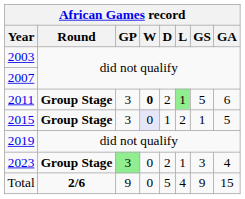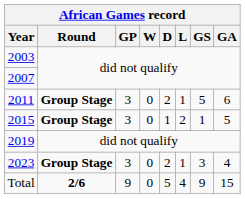 <table class="wikitable" style="text-align: center;">
 <tr>
 <th colspan=8><a href='#'>African Games</a> record</th>
 </tr>
 <tr>
 <th>Year</th>
 <th>Round</th>
 <th>GP</th>
 <th>W</th>
 <th>D</th>
 <th>L</th>
 <th>GS</th>
 <th>GA</th>
 </tr>
 <tr>
 <td> <a href='#'>2003</a></td>
 <td colspan=8 rowspan=2>did not qualify</td>
 </tr>
 <tr>
 <td> <a href='#'>2007</a></td>
 </tr>
 <tr>
 <td> <a href='#'>2011</a></td>
 <td><strong>Group Stage</strong></td>
 <td>3</td>
-<td><strong>0</strong></td>
+<td>0</td>
 <td>2</td>
-<td style="background: lightgreen;">1</td>
+<td>1</td>
 <td>5</td>
 <td>6</td>
 </tr>
 <tr>
 <td> <a href='#'>2015</a></td>
 <td><strong>Group Stage</strong></td>
 <td>3</td>
-<td style="background: lavender;">0</td>
+<td>0</td>
 <td>1</td>
 <td>2</td>
 <td>1</td>
 <td>5</td>
 </tr>
 <tr>
 <td> <a href='#'>2019</a></td>
 <td colspan=8>did not qualify</td>
 </tr>
 <tr>
 <td> <a href='#'>2023</a></td>
 <td><strong>Group Stage</strong></td>
-<td style="background: lightgreen;">3</td>
+<td>3</td>
 <td>0</td>
 <td>2</td>
 <td>1</td>
 <td>3</td>
 <td>4</td>
 </tr>
 <tr>
 <td>Total</td>
 <td><strong>2/6</strong></td>
 <td>9</td>
 <td>0</td>
 <td>5</td>
 <td>4</td>
 <td>9</td>
 <td>15</td>
 </tr>
 </table>
